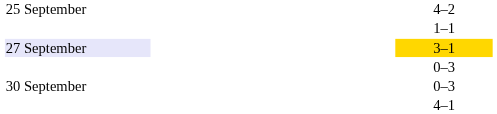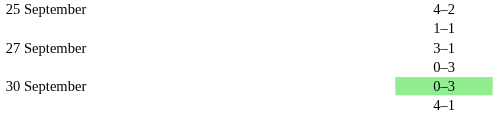 <table cellspacing=1 width=85%>
 <tr>
 <th width=15%></th>
 <th width=25%></th>
 <th width=10%></th>
 <th width=25%></th>
 <th width=25%></th>
 </tr>
 <tr>
 <td>25 September</td>
 <td align=right></td>
 <td align=center>4–2</td>
 <td></td>
 </tr>
 <tr>
 <td></td>
 <td align=right></td>
 <td align=center>1–1</td>
 <td></td>
 </tr>
 <tr>
-<td style="background: lavender;">27 September</td>
+<td>27 September</td>
 <td align=right></td>
-<td align=center style="background: gold;">3–1</td>
+<td align=center>3–1</td>
 <td></td>
 </tr>
 <tr>
 <td></td>
 <td align=right></td>
 <td align=center>0–3</td>
 <td></td>
 </tr>
 <tr>
 <td>30 September</td>
 <td align=right></td>
-<td align=center>0–3</td>
+<td align=center style="background: lightgreen;">0–3</td>
 <td></td>
 </tr>
 <tr>
 <td></td>
 <td align=right></td>
 <td align=center>4–1</td>
 <td></td>
 </tr>
 </table>
